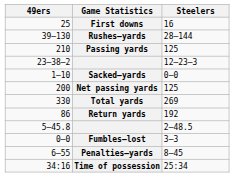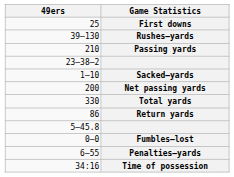 <table class="wikitable" style="margin: 1em auto 1em auto">
 <tr>
 <th style="width:30%;">49ers</th>
 <th style="width:40%;">Game Statistics</th>
-<th style="width:30%;">Steelers</th>
 </tr>
 <tr>
 <td style="text-align:right;">25</td>
 <th>First downs</th>
-<td>16</td>
 </tr>
 <tr>
 <td style="text-align:right;">39–130</td>
 <th>Rushes–yards</th>
-<td>28–144</td>
 </tr>
 <tr>
 <td style="text-align:right;">210</td>
 <th>Passing yards</th>
-<td>125</td>
 </tr>
 <tr>
 <td style="text-align:right;">23–38–2</td>
 <th></th>
-<td>12–23–3</td>
 </tr>
 <tr>
 <td style="text-align:right;">1–10</td>
 <th>Sacked–yards</th>
-<td>0–0</td>
 </tr>
 <tr>
 <td style="text-align:right;">200</td>
 <th>Net passing yards</th>
-<td>125</td>
 </tr>
 <tr>
 <td style="text-align:right;">330</td>
 <th>Total yards</th>
-<td>269</td>
 </tr>
 <tr>
 <td style="text-align:right;">86</td>
 <th>Return yards</th>
-<td>192</td>
 </tr>
 <tr>
 <td style="text-align:right;">5–45.8</td>
 <th></th>
-<td>2–48.5</td>
 </tr>
 <tr>
 <td style="text-align:right;">0–0</td>
 <th>Fumbles–lost</th>
-<td>3–3</td>
 </tr>
 <tr>
 <td style="text-align:right;">6–55</td>
 <th>Penalties–yards</th>
-<td>8–45</td>
 </tr>
 <tr>
 <td style="text-align:right;">34:16</td>
 <th>Time of possession</th>
-<td>25:34</td>
 </tr>
 </table>
